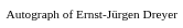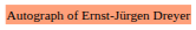 <table class="floatright">
 <tr>
 <td></td>
 </tr>
 <tr align="center">
-<td><small>Autograph of Ernst-Jürgen Dreyer</small></td>
+<td style="background: lightsalmon;"><small>Autograph of Ernst-Jürgen Dreyer</small></td>
 </tr>
 </table>
